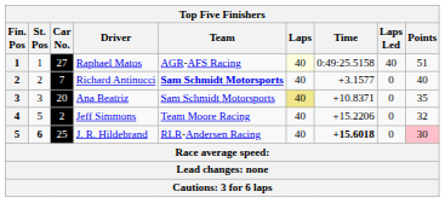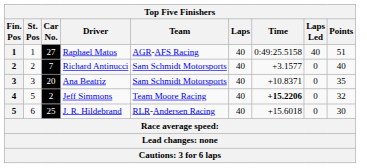 <table class="wikitable" style="font-size:85%;">
 <tr>
 <th colspan=9>Top Five Finishers</th>
 </tr>
 <tr>
 <th>Fin.<br>Pos</th>
 <th>St.<br>Pos</th>
 <th>Car<br>No.</th>
 <th>Driver</th>
 <th>Team</th>
 <th>Laps</th>
 <th>Time</th>
 <th>Laps<br>Led</th>
 <th>Points</th>
 </tr>
 <tr>
 <th>1</th>
 <td align=center>1</td>
 <td style="background:#000000; color:white;" align=center>27</td>
 <td> <a href='#'>Raphael Matos</a></td>
 <td><a href='#'>AGR</a>-<a href='#'>AFS Racing</a></td>
-<td align=center style="background: lightyellow;">40</td>
+<td align=center>40</td>
 <td align=right>0:49:25.5158</td>
 <td align=center>40</td>
 <td align=center>51</td>
 </tr>
 <tr>
 <th>2</th>
 <td align=center>2</td>
 <td style="background:#000000; color:white;" align=center>7</td>
 <td> <a href='#'>Richard Antinucci</a></td>
-<td><strong><a href='#'>Sam Schmidt Motorsports</a></strong></td>
+<td><a href='#'>Sam Schmidt Motorsports</a></td>
 <td align=center>40</td>
 <td align=right>+3.1577</td>
 <td align=center>0</td>
 <td align=center>40</td>
 </tr>
 <tr>
 <th>3</th>
 <td align=center>3</td>
 <td style="background:#000000; color:white;" align=center>20</td>
 <td> <a href='#'>Ana Beatriz</a></td>
 <td><a href='#'>Sam Schmidt Motorsports</a></td>
-<td align=center style="background: khaki;">40</td>
+<td align=center>40</td>
 <td align=right>+10.8371</td>
 <td align=center>0</td>
 <td align=center>35</td>
 </tr>
 <tr>
 <th>4</th>
 <td align=center>5</td>
 <td style="background:#000000; color:white;" align=center>2</td>
 <td> <a href='#'>Jeff Simmons</a></td>
 <td><a href='#'>Team Moore Racing</a></td>
 <td align=center>40</td>
-<td align=right>+15.2206</td>
+<td align=right><strong>+15.2206</strong></td>
 <td align=center>0</td>
 <td align=center>32</td>
 </tr>
 <tr>
 <th>5</th>
-<td align=center><strong>6</strong></td>
+<td align=center>6</td>
 <td style="background:#000000; color:white;" align=center>25</td>
 <td> <a href='#'>J. R. Hildebrand</a></td>
 <td><a href='#'>RLR</a>-<a href='#'>Andersen Racing</a></td>
 <td align=center>40</td>
-<td align=right><strong>+15.6018</strong></td>
+<td align=right>+15.6018</td>
 <td align=center>0</td>
-<td align=center style="background: pink;">30</td>
+<td align=center>30</td>
 </tr>
 <tr>
 <th colspan=9>Race average speed: </th>
 </tr>
 <tr>
 <th colspan=9>Lead changes: none</th>
 </tr>
 <tr>
 <th colspan=9>Cautions: 3 for 6 laps</th>
 </tr>
 </table>
